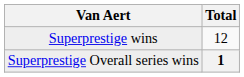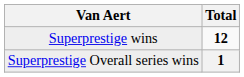 <table class="wikitable plainrowheaders">
 <tr>
 <th scope="col">Van Aert</th>
 <th scope="col">Total</th>
 </tr>
 <tr style="text-align:center;">
 <td style="background:#eeeeee"><a href='#'>Superprestige</a> wins</td>
-<td>12</td>
+<td><strong>12</strong></td>
 </tr>
 <tr style="text-align:center;">
 <td style="background:#eeeeee"><a href='#'>Superprestige</a> Overall series wins</td>
 <th>1</th>
 </tr>
 </table>
